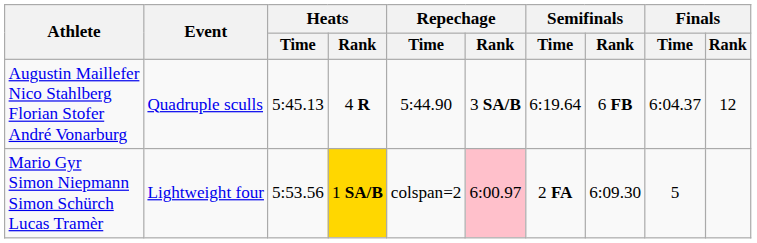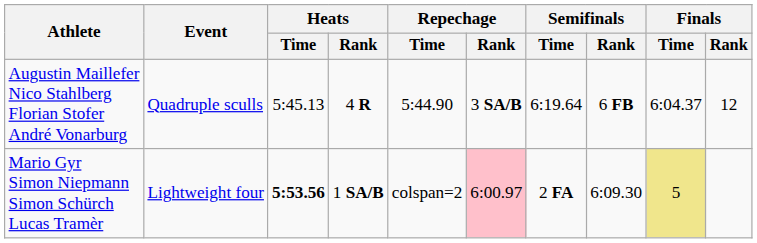 <table class="wikitable" style="font-size:90%">
 <tr>
 <th rowspan="2">Athlete</th>
 <th rowspan="2">Event</th>
 <th colspan="2">Heats</th>
 <th colspan="2">Repechage</th>
 <th colspan="2">Semifinals</th>
 <th colspan="2">Finals</th>
 </tr>
 <tr style="font-size:95%">
 <th>Time</th>
 <th>Rank</th>
 <th>Time</th>
 <th>Rank</th>
 <th>Time</th>
 <th>Rank</th>
 <th>Time</th>
 <th>Rank</th>
 </tr>
 <tr align=center>
 <td align=left><a href='#'>Augustin Maillefer</a><br><a href='#'>Nico Stahlberg</a><br><a href='#'>Florian Stofer</a><br><a href='#'>André Vonarburg</a></td>
 <td align=left><a href='#'>Quadruple sculls</a></td>
 <td>5:45.13</td>
 <td>4 <strong>R</strong></td>
 <td>5:44.90</td>
 <td>3 <strong>SA/B</strong></td>
 <td>6:19.64</td>
 <td>6 <strong>FB</strong></td>
 <td>6:04.37</td>
 <td>12</td>
 </tr>
 <tr align=center>
 <td align=left><a href='#'>Mario Gyr</a><br><a href='#'>Simon Niepmann</a><br><a href='#'>Simon Schürch</a><br><a href='#'>Lucas Tramèr</a></td>
 <td align=left><a href='#'>Lightweight four</a></td>
-<td>5:53.56</td>
-<td style="background: gold;">1 <strong>SA/B</strong></td>
+<td><strong>5:53.56</strong></td>
+<td>1 <strong>SA/B</strong></td>
 <td>colspan=2 </td>
 <td style="background: pink;">6:00.97</td>
 <td>2 <strong>FA</strong></td>
 <td>6:09.30</td>
-<td>5</td>
+<td style="background: khaki;">5</td>
 </tr>
 </table>
